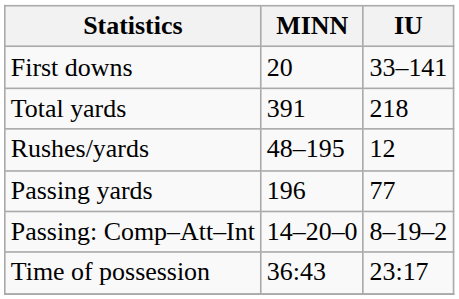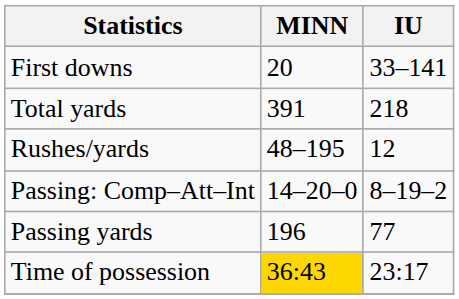 <table class="wikitable" style="float: left;">
 <tr>
 <th>Statistics</th>
 <th>MINN</th>
 <th>IU</th>
 </tr>
 <tr>
 <td>First downs</td>
 <td>20</td>
 <td>33–141</td>
 </tr>
 <tr>
 <td>Total yards</td>
 <td>391</td>
 <td>218</td>
 </tr>
 <tr>
 <td>Rushes/yards</td>
 <td>48–195</td>
 <td>12</td>
 </tr>
 <tr>
+<td>Passing: Comp–Att–Int</td>
+<td>14–20–0</td>
+<td>8–19–2</td>
+</tr>
+<tr>
 <td>Passing yards</td>
 <td>196</td>
 <td>77</td>
 </tr>
 <tr>
-<td>Passing: Comp–Att–Int</td>
-<td>14–20–0</td>
-<td>8–19–2</td>
-</tr>
-<tr>
 <td>Time of possession</td>
-<td>36:43</td>
+<td style="background: gold;">36:43</td>
 <td>23:17</td>
 </tr>
 <tr>
 </tr>
 </table>
